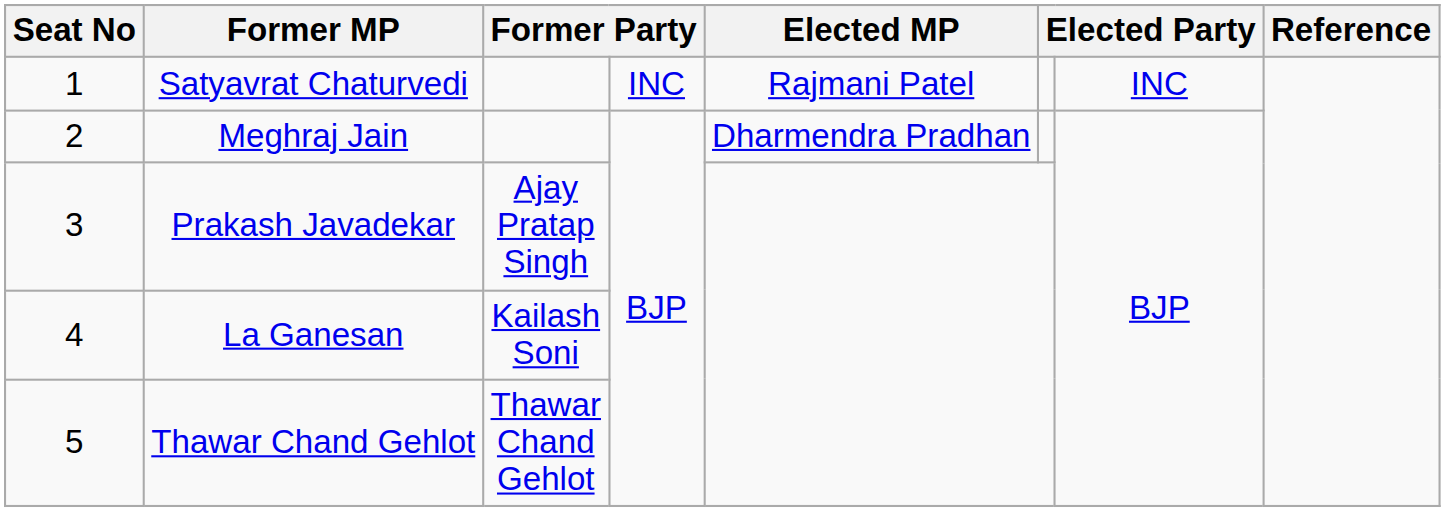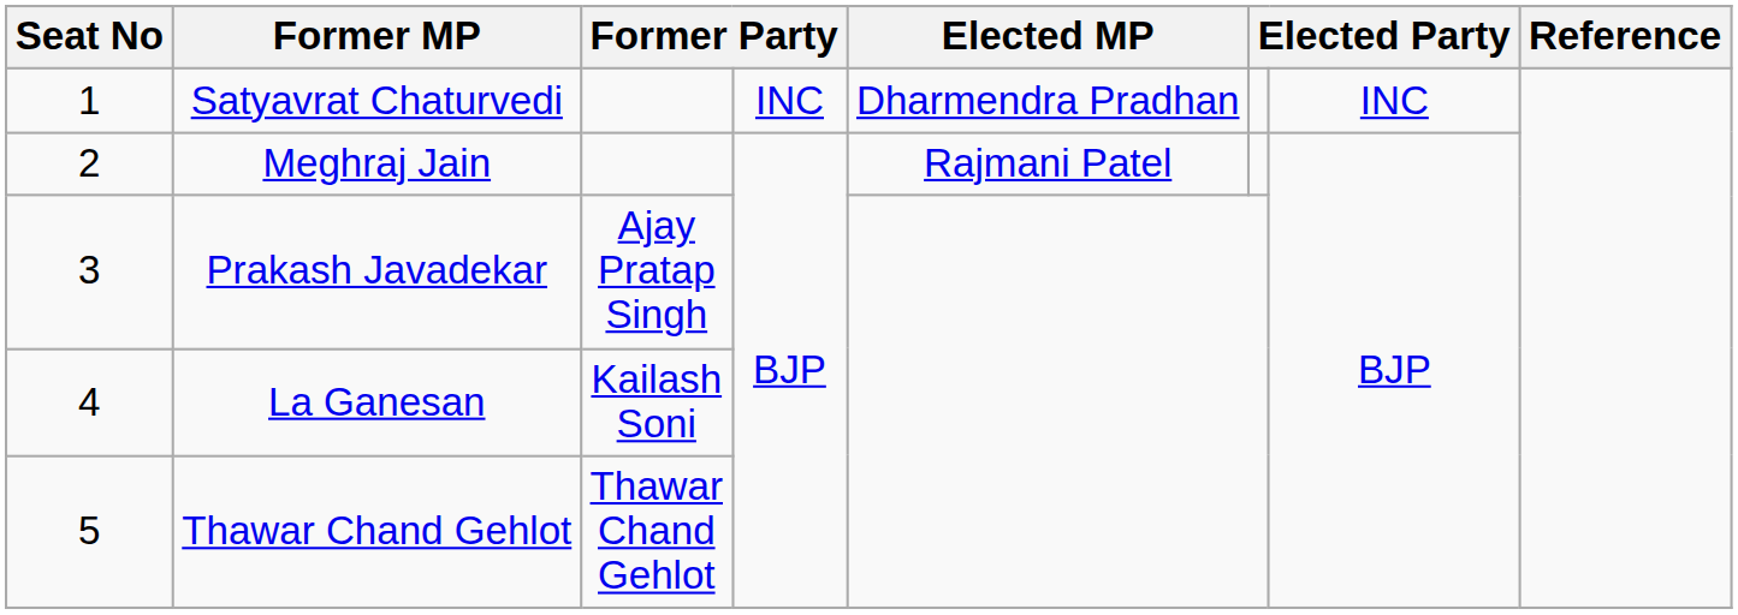 <table class="wikitable">
 <tr>
 <th>Seat No</th>
 <th>Former MP</th>
 <th colspan=2>Former Party</th>
 <th>Elected MP</th>
 <th colspan=2>Elected Party</th>
 <th>Reference</th>
 </tr>
 <tr style="text-align:center;">
 <td>1</td>
 <td><a href='#'>Satyavrat Chaturvedi</a></td>
 <td width="1px"></td>
 <td><a href='#'>INC</a></td>
-<td><a href='#'>Rajmani Patel</a></td>
+<td><a href='#'>Dharmendra Pradhan</a></td>
 <td width="1px"></td>
 <td><a href='#'>INC</a></td>
 <td rowspan=5></td>
 </tr>
 <tr style="text-align:center;">
 <td>2</td>
 <td><a href='#'>Meghraj Jain</a></td>
 <td width="1px"></td>
 <td rowspan=4><a href='#'>BJP</a></td>
-<td><a href='#'>Dharmendra Pradhan</a></td>
+<td><a href='#'>Rajmani Patel</a></td>
 <td width="1px"></td>
 <td rowspan=4><a href='#'>BJP</a></td>
 </tr>
 <tr style="text-align:center;">
 <td>3</td>
 <td><a href='#'>Prakash Javadekar</a></td>
 <td><a href='#'>Ajay Pratap Singh</a></td>
 </tr>
 <tr style="text-align:center;">
 <td>4</td>
 <td><a href='#'>La Ganesan</a></td>
 <td><a href='#'>Kailash Soni</a></td>
 </tr>
 <tr style="text-align:center;">
 <td>5</td>
 <td><a href='#'>Thawar Chand Gehlot</a></td>
 <td><a href='#'>Thawar Chand Gehlot</a></td>
 </tr>
 </table>
